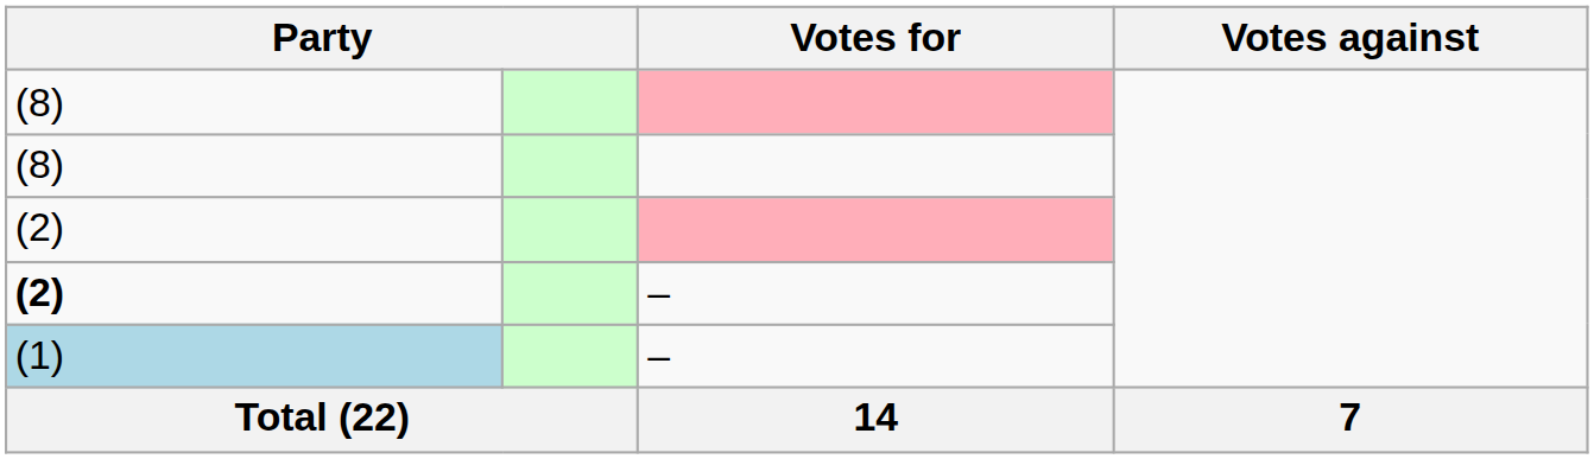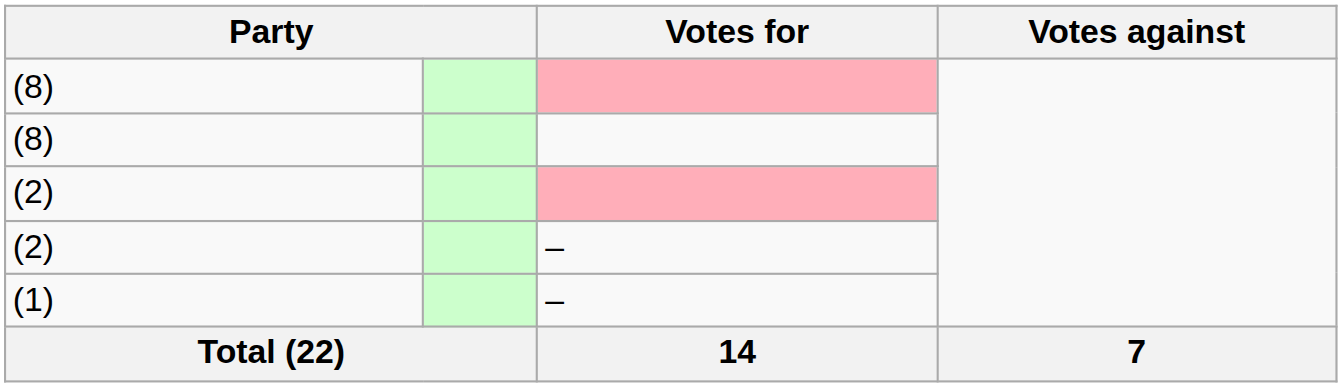 <table class="wikitable" style="float:left; width:50%;">
 <tr>
 <th style="width:20%;" colspan="2">Party</th>
 <th style="width:15%;">Votes for</th>
 <th style="width:15%;">Votes against</th>
 </tr>
 <tr>
 <td> (8)</td>
 <td style="background-color:#CCFFCC;"></td>
 <td style="background-color:#FFAEB9;"></td>
 </tr>
 <tr>
 <td> (8)</td>
 <td style="background-color:#CCFFCC;"></td>
 <td></td>
 </tr>
 <tr>
 <td> (2)</td>
 <td style="background-color:#CCFFCC;"></td>
 <td style="background-color:#FFAEB9;"></td>
 </tr>
 <tr>
-<td><strong> (2)</strong></td>
+<td> (2)</td>
 <td style="background-color:#CCFFCC;"></td>
 <td>–</td>
 </tr>
 <tr>
-<td style="background: lightblue;"> (1)</td>
+<td> (1)</td>
 <td style="background-color:#CCFFCC;"></td>
 <td>–</td>
 </tr>
 <tr>
 <th colspan=2>Total (22)</th>
 <th>14</th>
 <th>7</th>
 </tr>
 </table>
